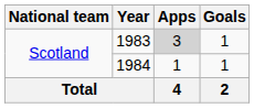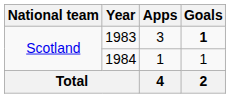 <table class="wikitable" style="text-align:center">
 <tr>
 <th>National team</th>
 <th>Year</th>
 <th>Apps</th>
 <th>Goals</th>
 </tr>
 <tr>
 <td rowspan="2"><a href='#'>Scotland</a></td>
 <td>1983</td>
-<td style="background: lightgrey;">3</td>
-<td>1</td>
+<td>3</td>
+<td><strong>1</strong></td>
 </tr>
 <tr>
 <td>1984</td>
 <td>1</td>
 <td>1</td>
 </tr>
 <tr>
 <th colspan="2">Total</th>
 <th>4</th>
 <th>2</th>
 </tr>
 </table>
